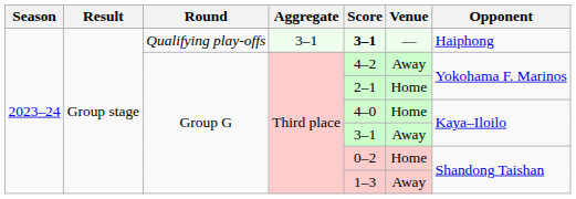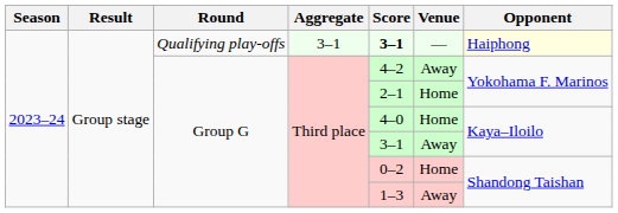 <table class="wikitable" style="text-align:center">
 <tr>
 <th>Season</th>
 <th>Result</th>
 <th>Round</th>
 <th>Aggregate</th>
 <th>Score</th>
 <th>Venue</th>
 <th>Opponent</th>
 </tr>
 <tr>
 <td rowspan="7"><a href='#'>2023–24</a></td>
 <td rowspan="7">Group stage</td>
 <td><em>Qualifying play-offs</em></td>
 <td style="background:#efe">3–1</td>
 <td style="background:#efe"><strong>3–1 </strong></td>
 <td style="background:#efe">—</td>
-<td align="left"> <a href='#'>Haiphong</a></td>
+<td align="left" style="background: lightyellow;"> <a href='#'>Haiphong</a></td>
 </tr>
 <tr>
 <td rowspan="6">Group G</td>
 <td rowspan="6" style="background:#fcc">Third place</td>
 <td style="background:#cfc">4–2</td>
 <td style="background:#cfc">Away</td>
 <td rowspan="2" align="left"> <a href='#'>Yokohama F. Marinos</a></td>
 </tr>
 <tr>
 <td style="background:#cfc">2–1</td>
 <td style="background:#cfc">Home</td>
 </tr>
 <tr>
 <td style="background:#cfc">4–0</td>
 <td style="background:#cfc">Home</td>
 <td rowspan="2" align="left"> <a href='#'>Kaya–Iloilo</a></td>
 </tr>
 <tr>
 <td style="background:#cfc">3–1</td>
 <td style="background:#cfc">Away</td>
 </tr>
 <tr>
 <td style="background:#fcc">0–2</td>
 <td style="background:#fcc">Home</td>
 <td rowspan="2" align="left"> <a href='#'>Shandong Taishan</a></td>
 </tr>
 <tr>
 <td style="background:#fcc">1–3</td>
 <td style="background:#fcc">Away</td>
 </tr>
 </table>
